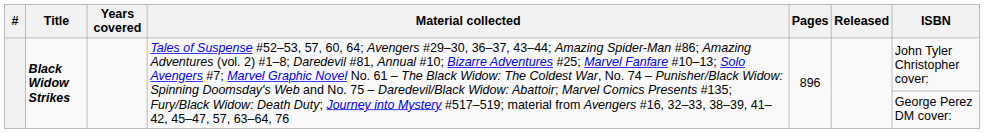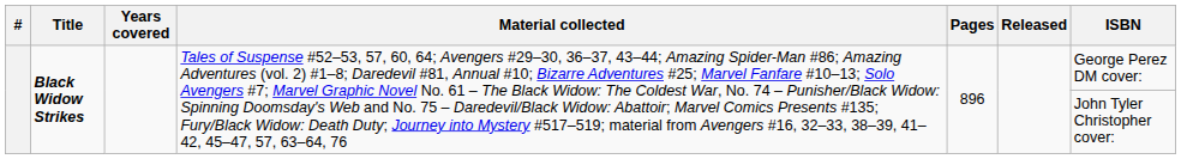 <table class="wikitable sortable" width="99%">
 <tr>
 <th class="unsortable" width="20px">#</th>
 <th>Title</th>
 <th>Years covered</th>
 <th class="unsortable">Material collected</th>
 <th>Pages</th>
 <th>Released</th>
 <th class="unsortable">ISBN</th>
 </tr>
 <tr>
 <th rowspan="2" style="background-color: light grey;"></th>
 <td rowspan="2"><strong><em>Black Widow Strikes</em></strong></td>
 <td rowspan="2"></td>
 <td rowspan="2"><em><a href='#'>Tales of Suspense</a></em> #52–53, 57, 60, 64; <em>Avengers</em> #29–30, 36–37, 43–44; <em>Amazing Spider-Man</em> #86; <em>Amazing Adventures</em> (vol. 2) #1–8; <em>Daredevil</em> #81, <em>Annual</em> #10; <em><a href='#'>Bizarre Adventures</a></em> #25; <em><a href='#'>Marvel Fanfare</a></em> #10–13; <em><a href='#'>Solo Avengers</a></em> #7; <em><a href='#'>Marvel Graphic Novel</a></em> No. 61 – <em>The Black Widow: The Coldest War</em>, No. 74 – <em>Punisher/Black Widow: Spinning Doomsday's Web</em> and No. 75 – <em>Daredevil/Black Widow: Abattoir</em>; <em>Marvel Comics Presents</em> #135; <em>Fury/Black Widow: Death Duty</em>; <em><a href='#'>Journey into Mystery</a></em> #517–519; material from <em>Avengers</em> #16, 32–33, 38–39, 41–42, 45–47, 57, 63–64, 76</td>
 <td rowspan="2" style="text-align: center;">896</td>
 <td rowspan="2"></td>
+<td>George Perez DM cover: </td>
+</tr>
+<tr>
 <td>John Tyler Christopher cover: </td>
 </tr>
-<tr>
-<td>George Perez DM cover: </td>
-</tr>
 </table>
